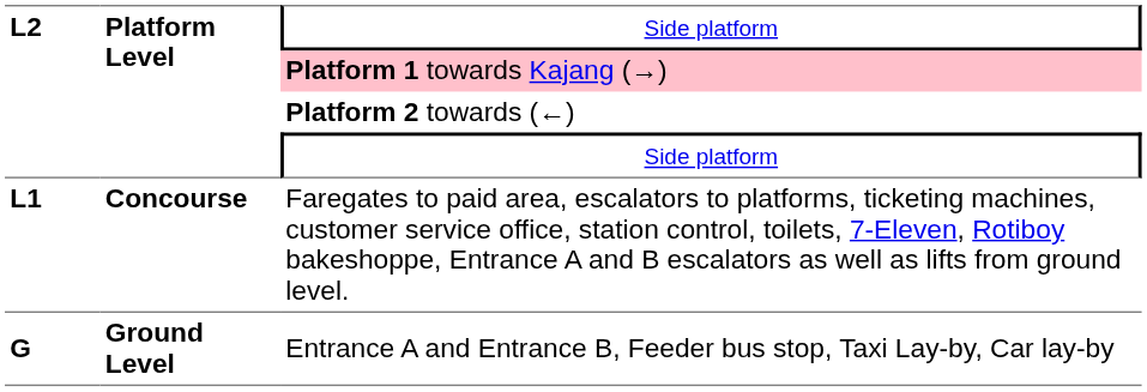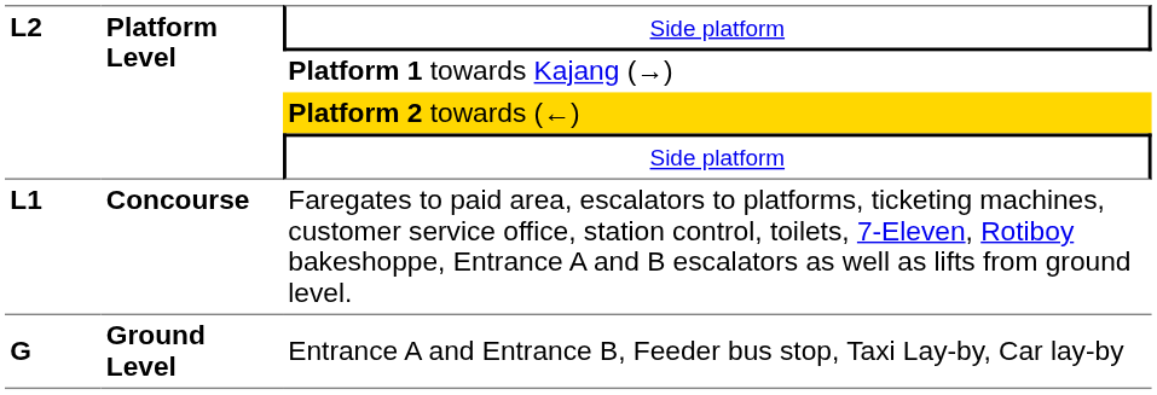 <table cellpadding="3" cellspacing="0" border="0">
 <tr>
 <td rowspan="4" valign="top" width="50" style="border-top:solid 1px gray;border-bottom:solid 1px gray;"><strong>L2</strong></td>
 <td rowspan="4" valign="top" width="100" style="border-top:solid 1px gray;border-bottom:solid 1px gray;"><strong>Platform Level</strong></td>
 <td style="border-top:solid 1px gray;border-right:solid 2px black;border-left:solid 2px black;border-bottom:solid 2px black;text-align:center;"><small><a href='#'>Side platform</a></small></td>
 </tr>
 <tr>
-<td width="500" style="background: pink;"><strong>Platform 1</strong>   towards <a href='#'>Kajang</a>  (→)</td>
+<td width="500"><strong>Platform 1</strong>   towards <a href='#'>Kajang</a>  (→)</td>
 </tr>
 <tr>
-<td width="500"><strong>Platform 2</strong>   towards   (←)</td>
+<td width="500" style="background: gold;"><strong>Platform 2</strong>   towards   (←)</td>
 </tr>
 <tr>
 <td colspan="1" style="width=500;border-top:solid 2px black;border-right:solid 2px black;border-left:solid 2px black;border-bottom:solid 1px gray;text-align:center;"><small><a href='#'>Side platform</a></small></td>
 </tr>
 <tr style="vertical-align:top;">
 <td style="border-bottom:solid 1px gray; "><strong>L1</strong></td>
 <td style="border-bottom:solid 1px gray; "><strong>Concourse</strong></td>
 <td width="500" style="border-bottom:solid 1px gray; ">Faregates to paid area, escalators to platforms, ticketing machines, customer service office, station control, toilets, <a href='#'>7-Eleven</a>, <a href='#'>Rotiboy</a> bakeshoppe, Entrance A and B escalators as well as lifts from ground level.</td>
 </tr>
 <tr>
 <td style="border-bottom:solid 1px gray; "><strong>G</strong></td>
 <td style="border-bottom:solid 1px gray; "><strong>Ground Level</strong></td>
 <td style="border-bottom:solid 1px gray; ">Entrance A and Entrance B, Feeder bus stop, Taxi Lay-by, Car lay-by</td>
 </tr>
 </table>
